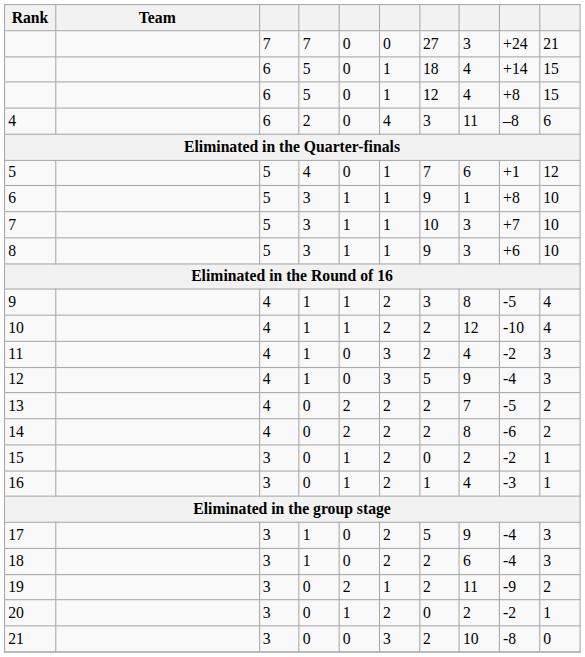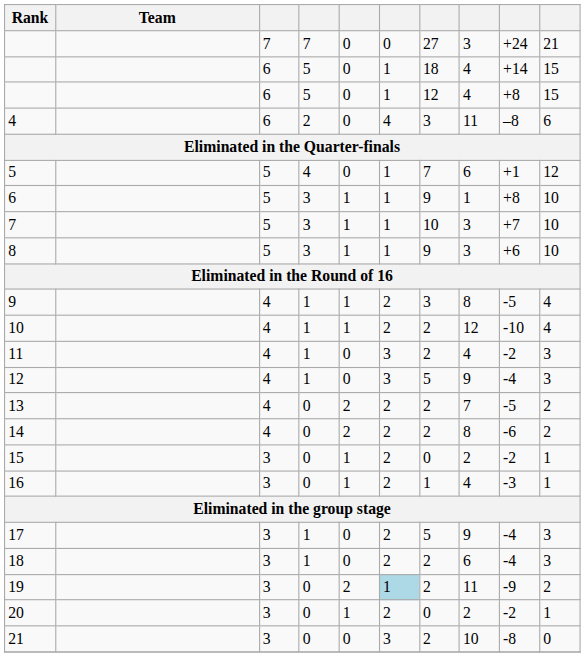 <table class="wikitable" style="font-size:90%" text-align="center">
 <tr>
 <th width=40>Rank</th>
 <th width=180>Team</th>
 <th width=30></th>
 <th width=30></th>
 <th width=30></th>
 <th width=30></th>
 <th width=30></th>
 <th width=30></th>
 <th width=30></th>
 <th width=30></th>
 </tr>
 <tr>
 <td></td>
 <td></td>
 <td>7</td>
 <td>7</td>
 <td>0</td>
 <td>0</td>
 <td>27</td>
 <td>3</td>
 <td>+24</td>
 <td>21</td>
 </tr>
 <tr>
 <td></td>
 <td></td>
 <td>6</td>
 <td>5</td>
 <td>0</td>
 <td>1</td>
 <td>18</td>
 <td>4</td>
 <td>+14</td>
 <td>15</td>
 </tr>
 <tr>
 <td></td>
 <td></td>
 <td>6</td>
 <td>5</td>
 <td>0</td>
 <td>1</td>
 <td>12</td>
 <td>4</td>
 <td>+8</td>
 <td>15</td>
 </tr>
 <tr>
 <td>4</td>
 <td></td>
 <td>6</td>
 <td>2</td>
 <td>0</td>
 <td>4</td>
 <td>3</td>
 <td>11</td>
 <td>–8</td>
 <td>6</td>
 </tr>
 <tr>
 <th colspan="11">Eliminated in the Quarter-finals</th>
 </tr>
 <tr>
 <td>5</td>
 <td></td>
 <td>5</td>
 <td>4</td>
 <td>0</td>
 <td>1</td>
 <td>7</td>
 <td>6</td>
 <td>+1</td>
 <td>12</td>
 </tr>
 <tr>
 <td>6</td>
 <td></td>
 <td>5</td>
 <td>3</td>
 <td>1</td>
 <td>1</td>
 <td>9</td>
 <td>1</td>
 <td>+8</td>
 <td>10</td>
 </tr>
 <tr>
 <td>7</td>
 <td></td>
 <td>5</td>
 <td>3</td>
 <td>1</td>
 <td>1</td>
 <td>10</td>
 <td>3</td>
 <td>+7</td>
 <td>10</td>
 </tr>
 <tr>
 <td>8</td>
 <td></td>
 <td>5</td>
 <td>3</td>
 <td>1</td>
 <td>1</td>
 <td>9</td>
 <td>3</td>
 <td>+6</td>
 <td>10</td>
 </tr>
 <tr>
 <th colspan="11">Eliminated in the Round of 16</th>
 </tr>
 <tr>
 <td>9</td>
 <td></td>
 <td>4</td>
 <td>1</td>
 <td>1</td>
 <td>2</td>
 <td>3</td>
 <td>8</td>
 <td>-5</td>
 <td>4</td>
 </tr>
 <tr>
 <td>10</td>
 <td></td>
 <td>4</td>
 <td>1</td>
 <td>1</td>
 <td>2</td>
 <td>2</td>
 <td>12</td>
 <td>-10</td>
 <td>4</td>
 </tr>
 <tr>
 <td>11</td>
 <td></td>
 <td>4</td>
 <td>1</td>
 <td>0</td>
 <td>3</td>
 <td>2</td>
 <td>4</td>
 <td>-2</td>
 <td>3</td>
 </tr>
 <tr>
 <td>12</td>
 <td></td>
 <td>4</td>
 <td>1</td>
 <td>0</td>
 <td>3</td>
 <td>5</td>
 <td>9</td>
 <td>-4</td>
 <td>3</td>
 </tr>
 <tr>
 <td>13</td>
 <td></td>
 <td>4</td>
 <td>0</td>
 <td>2</td>
 <td>2</td>
 <td>2</td>
 <td>7</td>
 <td>-5</td>
 <td>2</td>
 </tr>
 <tr>
 <td>14</td>
 <td></td>
 <td>4</td>
 <td>0</td>
 <td>2</td>
 <td>2</td>
 <td>2</td>
 <td>8</td>
 <td>-6</td>
 <td>2</td>
 </tr>
 <tr>
 <td>15</td>
 <td></td>
 <td>3</td>
 <td>0</td>
 <td>1</td>
 <td>2</td>
 <td>0</td>
 <td>2</td>
 <td>-2</td>
 <td>1</td>
 </tr>
 <tr>
 <td>16</td>
 <td></td>
 <td>3</td>
 <td>0</td>
 <td>1</td>
 <td>2</td>
 <td>1</td>
 <td>4</td>
 <td>-3</td>
 <td>1</td>
 </tr>
 <tr>
 <th colspan="11">Eliminated in the group stage</th>
 </tr>
 <tr>
 <td>17</td>
 <td></td>
 <td>3</td>
 <td>1</td>
 <td>0</td>
 <td>2</td>
 <td>5</td>
 <td>9</td>
 <td>-4</td>
 <td>3</td>
 </tr>
 <tr>
 <td>18</td>
 <td></td>
 <td>3</td>
 <td>1</td>
 <td>0</td>
 <td>2</td>
 <td>2</td>
 <td>6</td>
 <td>-4</td>
 <td>3</td>
 </tr>
 <tr>
 <td>19</td>
 <td></td>
 <td>3</td>
 <td>0</td>
 <td>2</td>
-<td>1</td>
+<td style="background: lightblue;">1</td>
 <td>2</td>
 <td>11</td>
 <td>-9</td>
 <td>2</td>
 </tr>
 <tr>
 <td>20</td>
 <td></td>
 <td>3</td>
 <td>0</td>
 <td>1</td>
 <td>2</td>
 <td>0</td>
 <td>2</td>
 <td>-2</td>
 <td>1</td>
 </tr>
 <tr>
 <td>21</td>
 <td></td>
 <td>3</td>
 <td>0</td>
 <td>0</td>
 <td>3</td>
 <td>2</td>
 <td>10</td>
 <td>-8</td>
 <td>0</td>
 </tr>
 <tr>
 </tr>
 </table>
